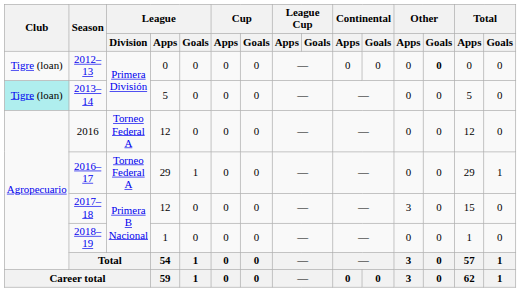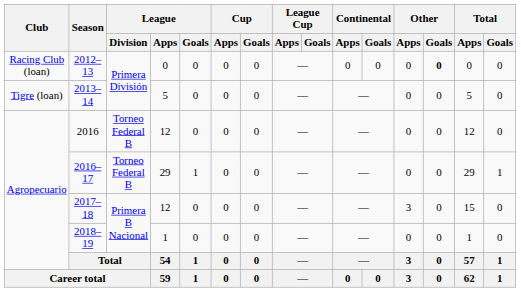 <table class="wikitable" style="text-align:center">
 <tr>
 <th rowspan="2">Club</th>
 <th rowspan="2">Season</th>
 <th colspan="3">League</th>
 <th colspan="2">Cup</th>
 <th colspan="2">League Cup</th>
 <th colspan="2">Continental</th>
 <th colspan="2">Other</th>
 <th colspan="2">Total</th>
 </tr>
 <tr>
 <th>Division</th>
 <th>Apps</th>
 <th>Goals</th>
 <th>Apps</th>
 <th>Goals</th>
 <th>Apps</th>
 <th>Goals</th>
 <th>Apps</th>
 <th>Goals</th>
 <th>Apps</th>
 <th>Goals</th>
 <th>Apps</th>
 <th>Goals</th>
 </tr>
 <tr>
-<td rowspan="1"><a href='#'>Tigre</a> (loan)</td>
+<td rowspan="1"><a href='#'>Racing Club</a> (loan)</td>
 <td><a href='#'>2012–13</a></td>
 <td rowspan="2"><a href='#'>Primera División</a></td>
 <td>0</td>
 <td>0</td>
 <td>0</td>
 <td>0</td>
 <td colspan="2">—</td>
 <td>0</td>
 <td>0</td>
 <td>0</td>
 <td><strong>0</strong></td>
 <td>0</td>
 <td>0</td>
 </tr>
 <tr>
-<td rowspan="1" style="background: paleturquoise;"><a href='#'>Tigre</a> (loan)</td>
+<td rowspan="1"><a href='#'>Tigre</a> (loan)</td>
 <td><a href='#'>2013–14</a></td>
 <td>5</td>
 <td>0</td>
 <td>0</td>
 <td>0</td>
 <td colspan="2">—</td>
 <td colspan="2">—</td>
 <td>0</td>
 <td>0</td>
 <td>5</td>
 <td>0</td>
 </tr>
 <tr>
 <td rowspan="5"><a href='#'>Agropecuario</a></td>
 <td>2016</td>
-<td rowspan="1"><a href='#'>Torneo Federal A</a></td>
+<td rowspan="1"><a href='#'>Torneo Federal B</a></td>
 <td>12</td>
 <td>0</td>
 <td>0</td>
 <td>0</td>
 <td colspan="2">—</td>
 <td colspan="2">—</td>
 <td>0</td>
 <td>0</td>
 <td>12</td>
 <td>0</td>
 </tr>
 <tr>
 <td><a href='#'>2016–17</a></td>
-<td rowspan="1"><a href='#'>Torneo Federal A</a></td>
+<td rowspan="1"><a href='#'>Torneo Federal B</a></td>
 <td>29</td>
 <td>1</td>
 <td>0</td>
 <td>0</td>
 <td colspan="2">—</td>
 <td colspan="2">—</td>
 <td>0</td>
 <td>0</td>
 <td>29</td>
 <td>1</td>
 </tr>
 <tr>
 <td><a href='#'>2017–18</a></td>
 <td rowspan="2"><a href='#'>Primera B Nacional</a></td>
 <td>12</td>
 <td>0</td>
 <td>0</td>
 <td>0</td>
 <td colspan="2">—</td>
 <td colspan="2">—</td>
 <td>3</td>
 <td>0</td>
 <td>15</td>
 <td>0</td>
 </tr>
 <tr>
 <td><a href='#'>2018–19</a></td>
 <td>1</td>
 <td>0</td>
 <td>0</td>
 <td>0</td>
 <td colspan="2">—</td>
 <td colspan="2">—</td>
 <td>0</td>
 <td>0</td>
 <td>1</td>
 <td>0</td>
 </tr>
 <tr>
 <th colspan="2">Total</th>
 <th>54</th>
 <th>1</th>
 <th>0</th>
 <th>0</th>
 <th colspan="2">—</th>
 <th colspan="2">—</th>
 <th>3</th>
 <th>0</th>
 <th>57</th>
 <th>1</th>
 </tr>
 <tr>
 <th colspan="3">Career total</th>
 <th>59</th>
 <th>1</th>
 <th>0</th>
 <th>0</th>
 <th colspan="2">—</th>
 <th>0</th>
 <th>0</th>
 <th>3</th>
 <th>0</th>
 <th>62</th>
 <th>1</th>
 </tr>
 </table>
